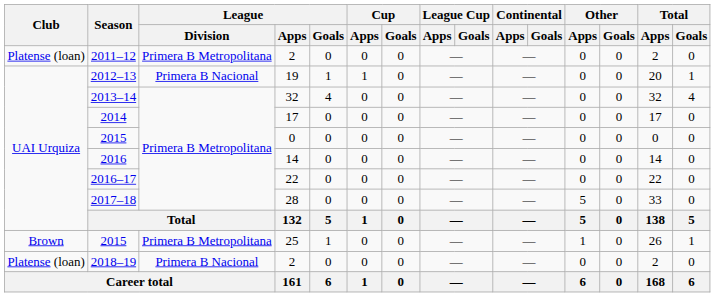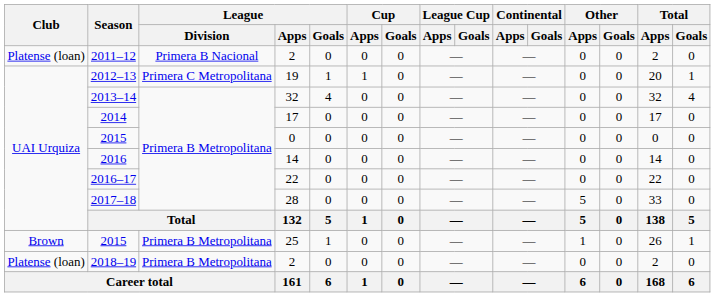 <table class="wikitable" style="text-align:center">
 <tr>
 <th rowspan="2">Club</th>
 <th rowspan="2">Season</th>
 <th colspan="3">League</th>
 <th colspan="2">Cup</th>
 <th colspan="2">League Cup</th>
 <th colspan="2">Continental</th>
 <th colspan="2">Other</th>
 <th colspan="2">Total</th>
 </tr>
 <tr>
 <th>Division</th>
 <th>Apps</th>
 <th>Goals</th>
 <th>Apps</th>
 <th>Goals</th>
 <th>Apps</th>
 <th>Goals</th>
 <th>Apps</th>
 <th>Goals</th>
 <th>Apps</th>
 <th>Goals</th>
 <th>Apps</th>
 <th>Goals</th>
 </tr>
 <tr>
 <td rowspan="1"><a href='#'>Platense</a> (loan)</td>
 <td><a href='#'>2011–12</a></td>
-<td rowspan="1"><a href='#'>Primera B Metropolitana</a></td>
+<td rowspan="1"><a href='#'>Primera B Nacional</a></td>
 <td>2</td>
 <td>0</td>
 <td>0</td>
 <td>0</td>
 <td colspan="2">—</td>
 <td colspan="2">—</td>
 <td>0</td>
 <td>0</td>
 <td>2</td>
 <td>0</td>
 </tr>
 <tr>
 <td rowspan="8"><a href='#'>UAI Urquiza</a></td>
 <td><a href='#'>2012–13</a></td>
-<td rowspan="1"><a href='#'>Primera B Nacional</a></td>
+<td rowspan="1"><a href='#'>Primera C Metropolitana</a></td>
 <td>19</td>
 <td>1</td>
 <td>1</td>
 <td>0</td>
 <td colspan="2">—</td>
 <td colspan="2">—</td>
 <td>0</td>
 <td>0</td>
 <td>20</td>
 <td>1</td>
 </tr>
 <tr>
 <td><a href='#'>2013–14</a></td>
 <td rowspan="6"><a href='#'>Primera B Metropolitana</a></td>
 <td>32</td>
 <td>4</td>
 <td>0</td>
 <td>0</td>
 <td colspan="2">—</td>
 <td colspan="2">—</td>
 <td>0</td>
 <td>0</td>
 <td>32</td>
 <td>4</td>
 </tr>
 <tr>
 <td><a href='#'>2014</a></td>
 <td>17</td>
 <td>0</td>
 <td>0</td>
 <td>0</td>
 <td colspan="2">—</td>
 <td colspan="2">—</td>
 <td>0</td>
 <td>0</td>
 <td>17</td>
 <td>0</td>
 </tr>
 <tr>
 <td><a href='#'>2015</a></td>
 <td>0</td>
 <td>0</td>
 <td>0</td>
 <td>0</td>
 <td colspan="2">—</td>
 <td colspan="2">—</td>
 <td>0</td>
 <td>0</td>
 <td>0</td>
 <td>0</td>
 </tr>
 <tr>
 <td><a href='#'>2016</a></td>
 <td>14</td>
 <td>0</td>
 <td>0</td>
 <td>0</td>
 <td colspan="2">—</td>
 <td colspan="2">—</td>
 <td>0</td>
 <td>0</td>
 <td>14</td>
 <td>0</td>
 </tr>
 <tr>
 <td><a href='#'>2016–17</a></td>
 <td>22</td>
 <td>0</td>
 <td>0</td>
 <td>0</td>
 <td colspan="2">—</td>
 <td colspan="2">—</td>
 <td>0</td>
 <td>0</td>
 <td>22</td>
 <td>0</td>
 </tr>
 <tr>
 <td><a href='#'>2017–18</a></td>
 <td>28</td>
 <td>0</td>
 <td>0</td>
 <td>0</td>
 <td colspan="2">—</td>
 <td colspan="2">—</td>
 <td>5</td>
 <td>0</td>
 <td>33</td>
 <td>0</td>
 </tr>
 <tr>
 <th colspan="2">Total</th>
 <th>132</th>
 <th>5</th>
 <th>1</th>
 <th>0</th>
 <th colspan="2">—</th>
 <th colspan="2">—</th>
 <th>5</th>
 <th>0</th>
 <th>138</th>
 <th>5</th>
 </tr>
 <tr>
 <td rowspan="1"><a href='#'>Brown</a></td>
 <td><a href='#'>2015</a></td>
 <td rowspan="1"><a href='#'>Primera B Metropolitana</a></td>
 <td>25</td>
 <td>1</td>
 <td>0</td>
 <td>0</td>
 <td colspan="2">—</td>
 <td colspan="2">—</td>
 <td>1</td>
 <td>0</td>
 <td>26</td>
 <td>1</td>
 </tr>
 <tr>
 <td rowspan="1"><a href='#'>Platense</a> (loan)</td>
 <td><a href='#'>2018–19</a></td>
-<td rowspan="1"><a href='#'>Primera B Nacional</a></td>
+<td rowspan="1"><a href='#'>Primera B Metropolitana</a></td>
 <td>2</td>
 <td>0</td>
 <td>0</td>
 <td>0</td>
 <td colspan="2">—</td>
 <td colspan="2">—</td>
 <td>0</td>
 <td>0</td>
 <td>2</td>
 <td>0</td>
 </tr>
 <tr>
 <th colspan="3">Career total</th>
 <th>161</th>
 <th>6</th>
 <th>1</th>
 <th>0</th>
 <th colspan="2">—</th>
 <th colspan="2">—</th>
 <th>6</th>
 <th>0</th>
 <th>168</th>
 <th>6</th>
 </tr>
 </table>
